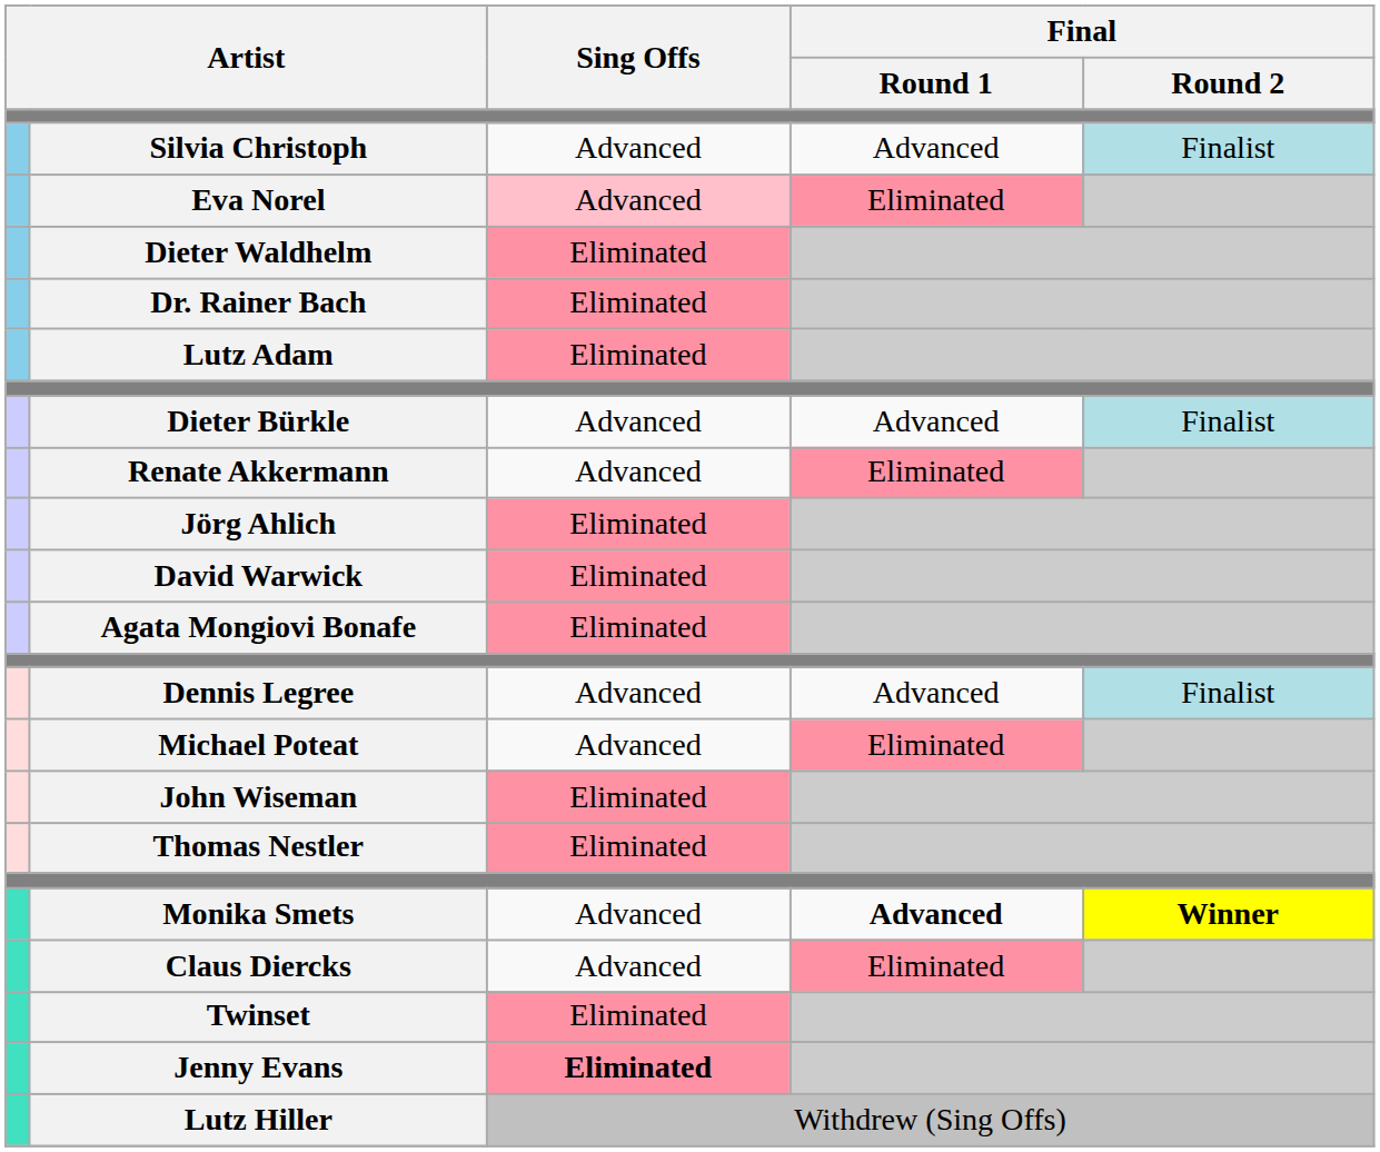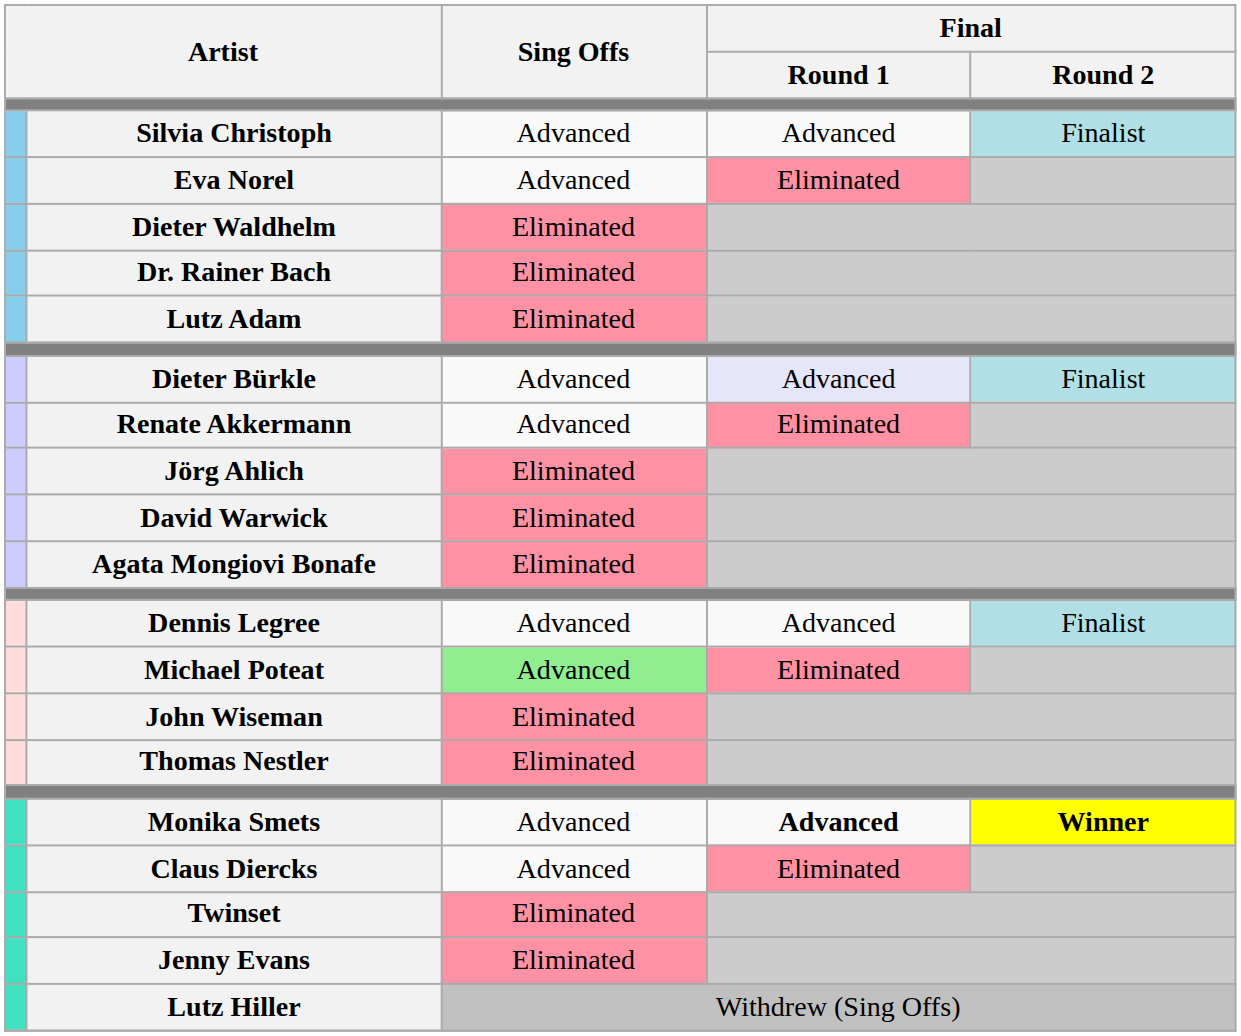 <table class="wikitable" style="font-size:90%; text-align:center" width="50%">
 <tr>
 <th style="width:18%" colspan="2" rowspan="2" scope="col">Artist</th>
 <th style="width:11%" colspan="1" rowspan="2" scope="col">Sing Offs</th>
 <th style="width:22%" colspan="2" scope="col">Final</th>
 </tr>
 <tr>
 <th style="width:11%">Round 1</th>
 <th style="width:11%">Round 2</th>
 </tr>
 <tr>
 <th colspan="7" style="background:grey;"></th>
 </tr>
 <tr>
 <th style="background:#87ceeb;"></th>
 <th>Silvia Christoph</th>
 <td>Advanced</td>
 <td>Advanced</td>
 <td style="background:#B0E0E6;">Finalist</td>
 </tr>
 <tr>
 <th style="background:#87ceeb;"></th>
 <th>Eva Norel</th>
-<td style="background: pink;">Advanced</td>
+<td>Advanced</td>
 <td style="background:#FF91A4;">Eliminated</td>
 <td style="background:#ccc;"></td>
 </tr>
 <tr>
 <th style="background:#87ceeb;"></th>
 <th>Dieter Waldhelm</th>
 <td style="background:#FF91A4;">Eliminated</td>
 <td colspan=2 style="background:#ccc;"></td>
 </tr>
 <tr>
 <th style="background:#87ceeb;"></th>
 <th>Dr. Rainer Bach</th>
 <td style="background:#FF91A4;">Eliminated</td>
 <td colspan=2 style="background:#ccc;"></td>
 </tr>
 <tr>
 <th style="background:#87ceeb;"></th>
 <th>Lutz Adam</th>
 <td style="background:#FF91A4;">Eliminated</td>
 <td colspan=2 style="background:#ccc;"></td>
 </tr>
 <tr>
 <th colspan="7" style="background:grey;"></th>
 </tr>
 <tr>
 <th style="background:#ccf;"></th>
 <th>Dieter Bürkle</th>
 <td>Advanced</td>
-<td>Advanced</td>
+<td style="background: lavender;">Advanced</td>
 <td style="background:#B0E0E6;">Finalist</td>
 </tr>
 <tr>
 <th style="background:#ccf;"></th>
 <th>Renate Akkermann</th>
 <td>Advanced</td>
 <td style="background:#FF91A4;">Eliminated</td>
 <td style="background:#ccc;"></td>
 </tr>
 <tr>
 <th style="background:#ccf;"></th>
 <th>Jörg Ahlich</th>
 <td style="background:#FF91A4;">Eliminated</td>
 <td colspan=2 style="background:#ccc;"></td>
 </tr>
 <tr>
 <th style="background:#ccf;"></th>
 <th>David Warwick</th>
 <td style="background:#FF91A4;">Eliminated</td>
 <td colspan=2 style="background:#ccc;"></td>
 </tr>
 <tr>
 <th style="background:#ccf;"></th>
 <th>Agata Mongiovi Bonafe</th>
 <td style="background:#FF91A4;">Eliminated</td>
 <td colspan=2 style="background:#ccc;"></td>
 </tr>
 <tr>
 <th colspan="7" style="background:grey;"></th>
 </tr>
 <tr>
 <th style="background:#ffdddd;"></th>
 <th>Dennis Legree</th>
 <td>Advanced</td>
 <td>Advanced</td>
 <td style="background:#B0E0E6;">Finalist</td>
 </tr>
 <tr>
 <th style="background:#ffdddd;"></th>
 <th>Michael Poteat</th>
-<td>Advanced</td>
+<td style="background: lightgreen;">Advanced</td>
 <td style="background:#FF91A4;">Eliminated</td>
 <td style="background:#ccc;"></td>
 </tr>
 <tr>
 <th style="background:#ffdddd;"></th>
 <th>John Wiseman</th>
 <td style="background:#FF91A4;">Eliminated</td>
 <td colspan=2 style="background:#ccc;"></td>
 </tr>
 <tr>
 <th style="background:#ffdddd;"></th>
 <th>Thomas Nestler</th>
 <td style="background:#FF91A4;">Eliminated</td>
 <td colspan=2 style="background:#ccc;"></td>
 </tr>
 <tr>
 <th colspan="7" style="background:grey;"></th>
 </tr>
 <tr>
 <th style="background:#40e0c0"></th>
 <th>Monika Smets</th>
 <td>Advanced</td>
 <td><strong>Advanced</strong></td>
 <td style="background:yellow;"><strong>Winner</strong></td>
 </tr>
 <tr>
 <th style="background:#40e0c0"></th>
 <th>Claus Diercks</th>
 <td>Advanced</td>
 <td style="background:#FF91A4;">Eliminated</td>
 <td style="background:#ccc;"></td>
 </tr>
 <tr>
 <th style="background:#40e0c0"></th>
 <th>Twinset</th>
 <td style="background:#FF91A4;">Eliminated</td>
 <td colspan=2 style="background:#ccc;"></td>
 </tr>
 <tr>
 <th style="background:#40e0c0"></th>
 <th>Jenny Evans</th>
-<td style="background:#FF91A4;"><strong>Eliminated</strong></td>
+<td style="background:#FF91A4;">Eliminated</td>
 <td colspan=2 style="background:#ccc;"></td>
 </tr>
 <tr>
 <th style="background:#40e0c0"></th>
 <th>Lutz Hiller</th>
 <td colspan="3" style="background:silver;">Withdrew (Sing Offs)</td>
 </tr>
 <tr>
 </tr>
 </table>
